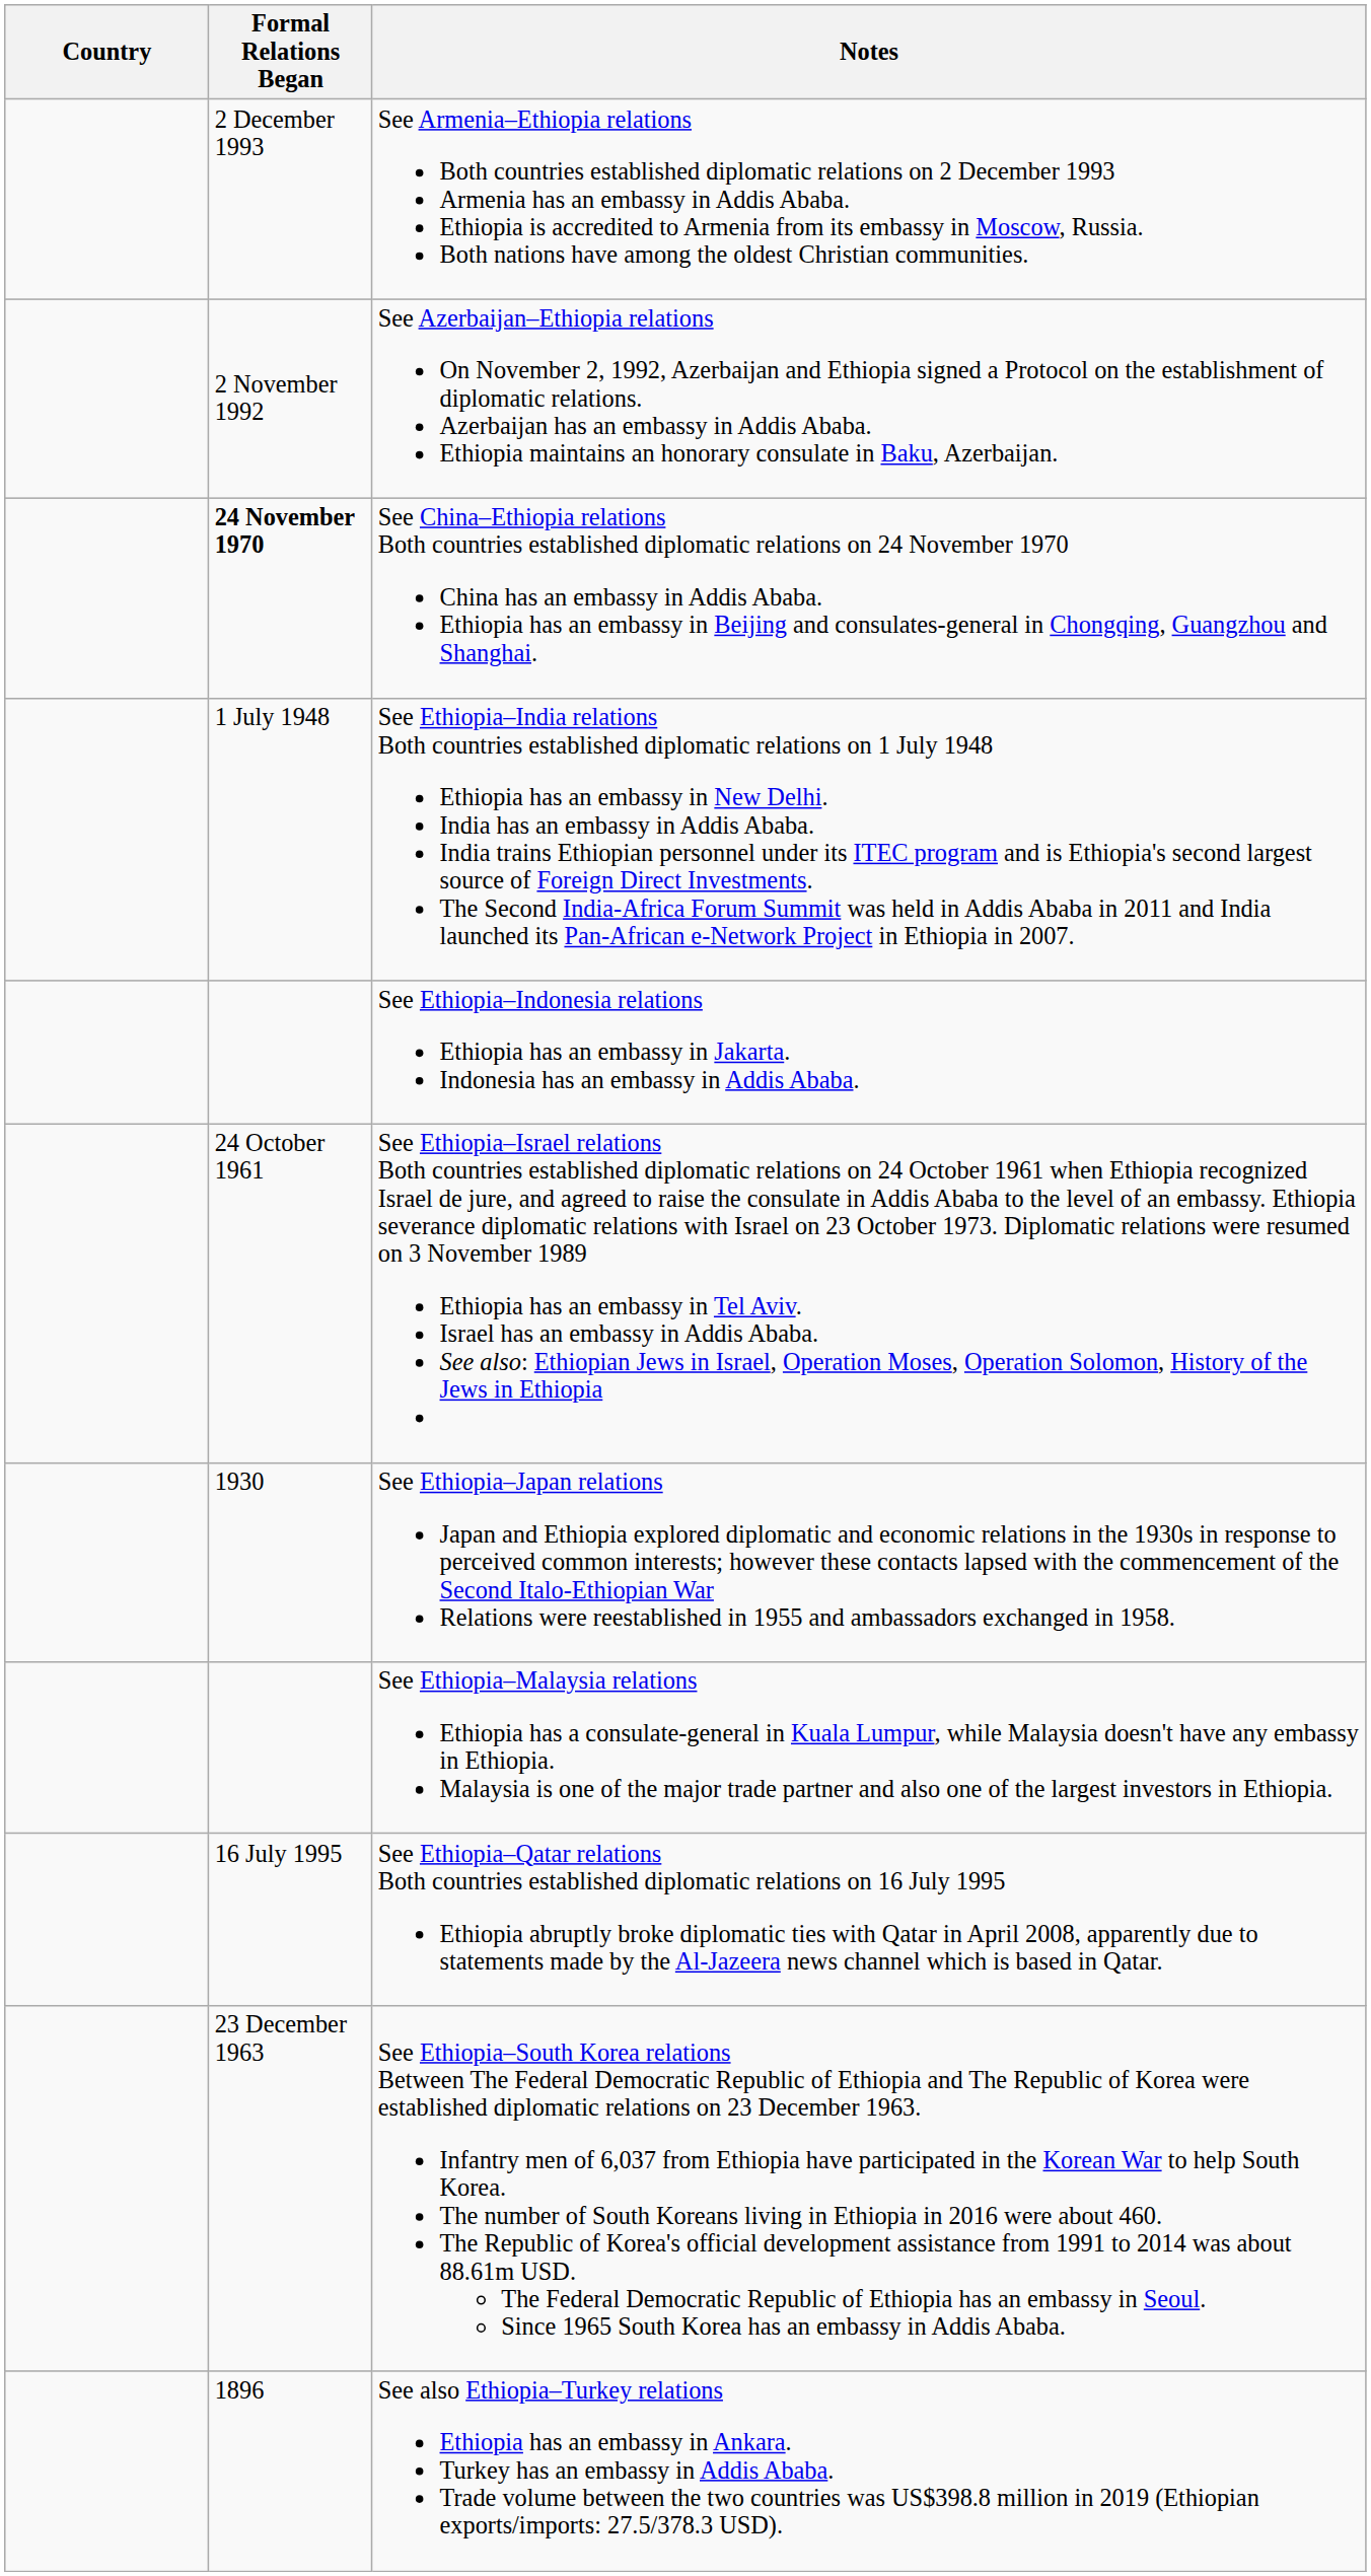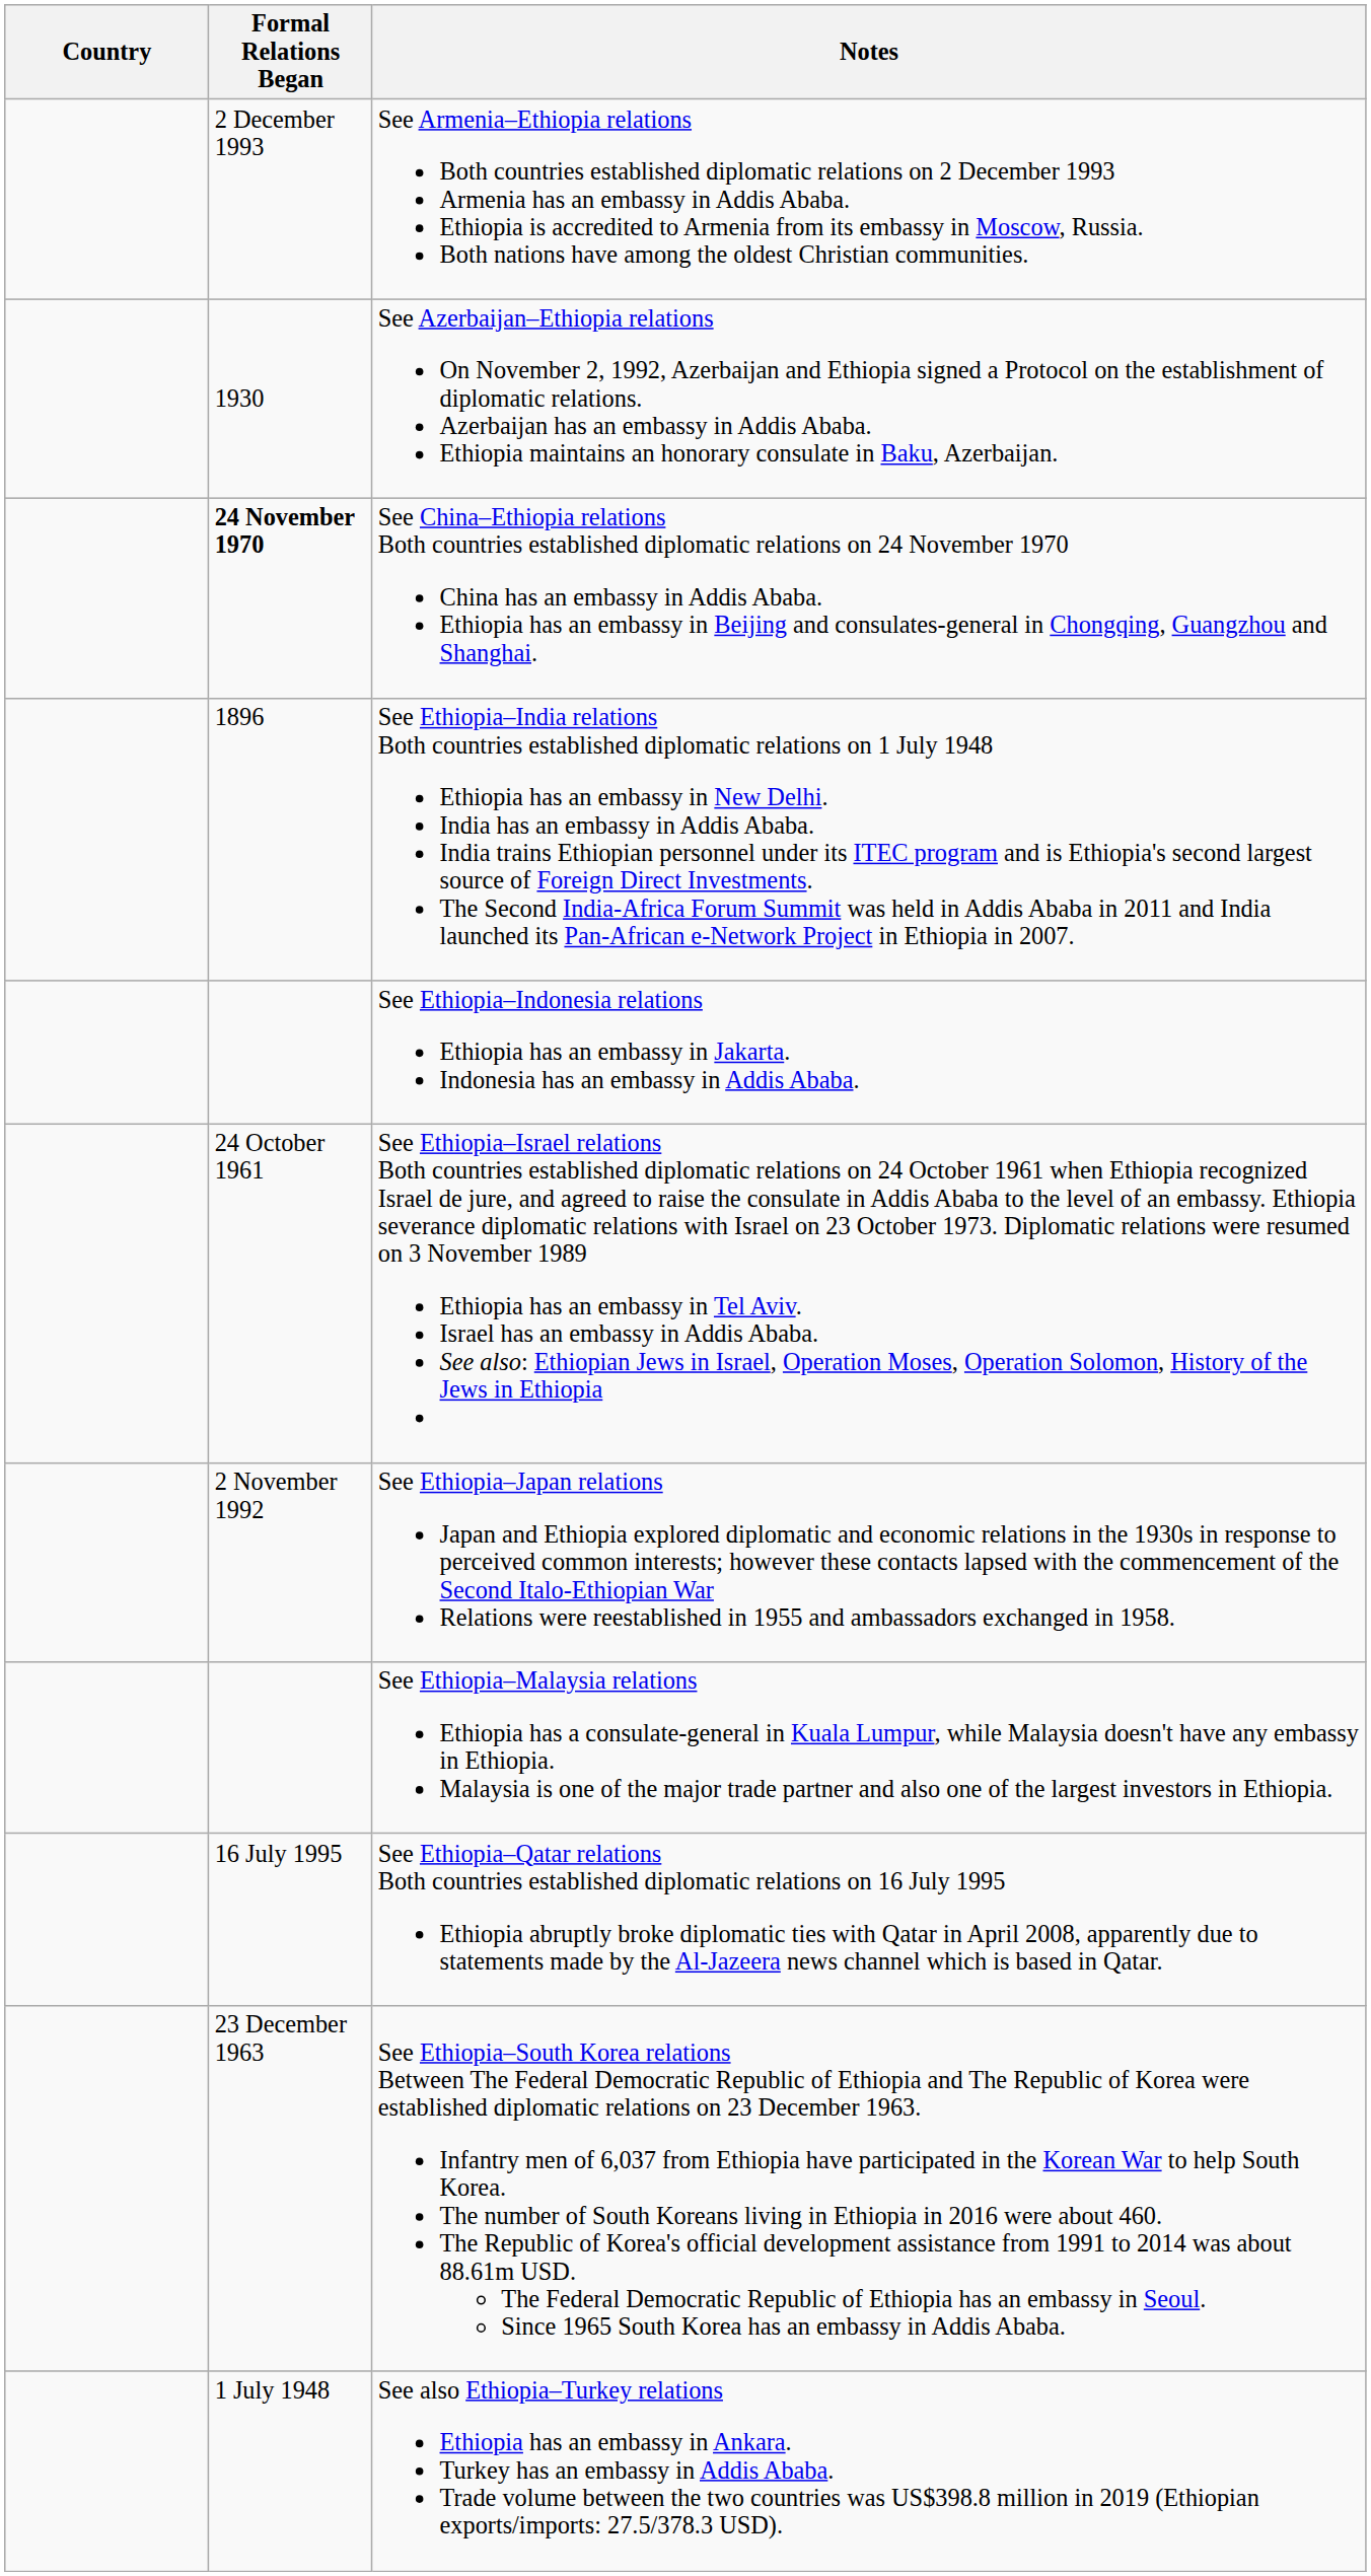 <table class="wikitable sortable" style="width:100%; margin:auto;">
 <tr>
 <th style="width:15%;">Country</th>
 <th style="width:12%;">Formal Relations Began</th>
 <th>Notes</th>
 </tr>
 <tr valign="top">
 <td></td>
 <td>2 December 1993</td>
 <td>See <a href='#'>Armenia–Ethiopia relations</a><br><ul><li>Both countries established diplomatic relations on 2 December 1993</li><li>Armenia has an embassy in Addis Ababa.</li><li>Ethiopia is accredited to Armenia from its embassy in <a href='#'>Moscow</a>, Russia.</li><li>Both nations have among the oldest Christian communities.</li></ul></td>
 </tr>
 <tr>
 <td></td>
-<td>2 November 1992</td>
+<td>1930</td>
 <td>See <a href='#'>Azerbaijan–Ethiopia relations</a><br><ul><li>On November 2, 1992, Azerbaijan and Ethiopia signed a Protocol on the establishment of diplomatic relations.</li><li>Azerbaijan has an embassy in Addis Ababa.</li><li>Ethiopia maintains an honorary consulate in <a href='#'>Baku</a>, Azerbaijan.</li></ul></td>
 </tr>
 <tr valign="top">
 <td></td>
 <td><strong>24 November 1970</strong></td>
 <td>See <a href='#'>China–Ethiopia relations</a><br>Both countries established diplomatic relations on 24 November 1970<ul><li>China has an embassy in Addis Ababa.</li><li>Ethiopia has an embassy in <a href='#'>Beijing</a> and consulates-general in <a href='#'>Chongqing</a>, <a href='#'>Guangzhou</a> and <a href='#'>Shanghai</a>.</li></ul></td>
 </tr>
 <tr valign="top">
 <td></td>
-<td>1 July 1948</td>
+<td>1896</td>
 <td>See <a href='#'>Ethiopia–India relations</a><br>Both countries established diplomatic relations on 1 July 1948<ul><li>Ethiopia has an embassy in <a href='#'>New Delhi</a>.</li><li>India has an embassy in Addis Ababa.</li><li>India trains Ethiopian personnel under its <a href='#'>ITEC program</a> and is Ethiopia's second largest source of <a href='#'>Foreign Direct Investments</a>.</li><li>The Second <a href='#'>India-Africa Forum Summit</a> was held in Addis Ababa in 2011 and India launched its <a href='#'>Pan-African e-Network Project</a> in Ethiopia in 2007.</li></ul></td>
 </tr>
 <tr valign="top">
 <td></td>
 <td></td>
 <td>See <a href='#'>Ethiopia–Indonesia relations</a><br><ul><li>Ethiopia has an embassy in <a href='#'>Jakarta</a>.</li><li>Indonesia has an embassy in <a href='#'>Addis Ababa</a>.</li></ul></td>
 </tr>
 <tr valign="top">
 <td></td>
 <td>24 October 1961</td>
 <td>See <a href='#'>Ethiopia–Israel relations</a><br>Both countries established diplomatic relations on 24 October 1961 when Ethiopia recognized Israel de jure, and agreed to raise the consulate in Addis Ababa to the level of an embassy. Ethiopia severance diplomatic relations with Israel on 23 October 1973. Diplomatic relations were resumed on 3 November 1989<ul><li>Ethiopia has an embassy in <a href='#'>Tel Aviv</a>.</li><li>Israel has an embassy in Addis Ababa.</li><li><em>See also</em>: <a href='#'>Ethiopian Jews in Israel</a>, <a href='#'>Operation Moses</a>, <a href='#'>Operation Solomon</a>, <a href='#'>History of the Jews in Ethiopia</a></li><li></li></ul></td>
 </tr>
 <tr valign="top">
 <td></td>
-<td>1930</td>
+<td>2 November 1992</td>
 <td>See <a href='#'>Ethiopia–Japan relations</a><br><ul><li>Japan and Ethiopia explored diplomatic and economic relations in the 1930s in response to perceived common interests; however these contacts lapsed with the commencement of the <a href='#'>Second Italo-Ethiopian War</a></li><li>Relations were reestablished in 1955 and ambassadors exchanged in 1958.</li></ul></td>
 </tr>
 <tr valign="top">
 <td></td>
 <td></td>
 <td>See <a href='#'>Ethiopia–Malaysia relations</a><br><ul><li>Ethiopia has a consulate-general in <a href='#'>Kuala Lumpur</a>, while Malaysia doesn't have any embassy in Ethiopia.</li><li>Malaysia is one of the major trade partner and also one of the largest investors in Ethiopia.</li></ul></td>
 </tr>
 <tr valign="top">
 <td></td>
 <td>16 July 1995</td>
 <td>See <a href='#'>Ethiopia–Qatar relations</a><br>Both countries established diplomatic relations on 16 July 1995<ul><li>Ethiopia abruptly broke diplomatic ties with Qatar in April 2008, apparently due to statements made by the <a href='#'>Al-Jazeera</a> news channel which is based in Qatar.</li></ul></td>
 </tr>
 <tr valign="top">
 <td></td>
 <td>23 December 1963</td>
 <td><br>See <a href='#'>Ethiopia–South Korea relations</a><br>Between The Federal Democratic Republic of Ethiopia and The Republic of Korea were established diplomatic relations on 23 December 1963.<ul><li>Infantry men of 6,037 from Ethiopia have participated in the <a href='#'>Korean War</a> to help South Korea.</li><li>The number of South Koreans living in Ethiopia in 2016 were about 460.</li><li>The Republic of Korea's official development assistance from 1991 to 2014 was about 88.61m USD.<ul><li>The Federal Democratic Republic of Ethiopia has an embassy in <a href='#'>Seoul</a>.</li><li>Since 1965 South Korea has an embassy in Addis Ababa.</li></ul></li></ul></td>
 </tr>
 <tr valign="top">
 <td></td>
-<td>1896</td>
+<td>1 July 1948</td>
 <td>See also <a href='#'>Ethiopia–Turkey relations</a><br><ul><li><a href='#'>Ethiopia</a> has an embassy in <a href='#'>Ankara</a>.</li><li>Turkey has an embassy in <a href='#'>Addis Ababa</a>.</li><li>Trade volume between the two countries was US$398.8 million in 2019 (Ethiopian exports/imports: 27.5/378.3 USD).</li></ul></td>
 </tr>
 </table>
